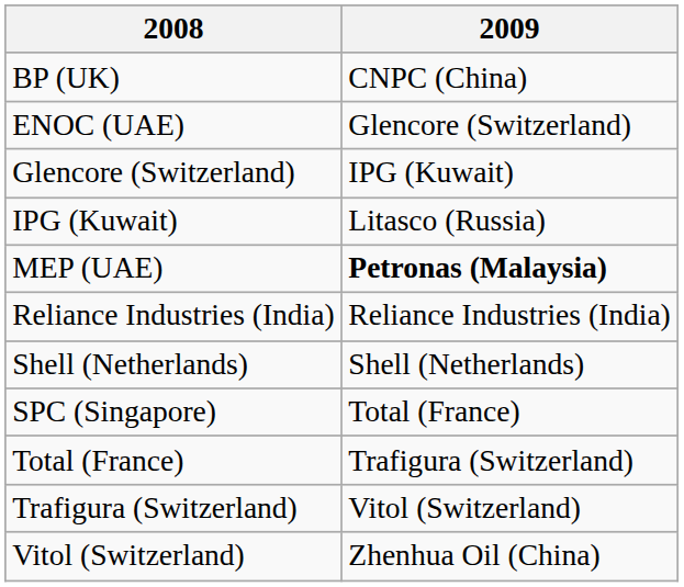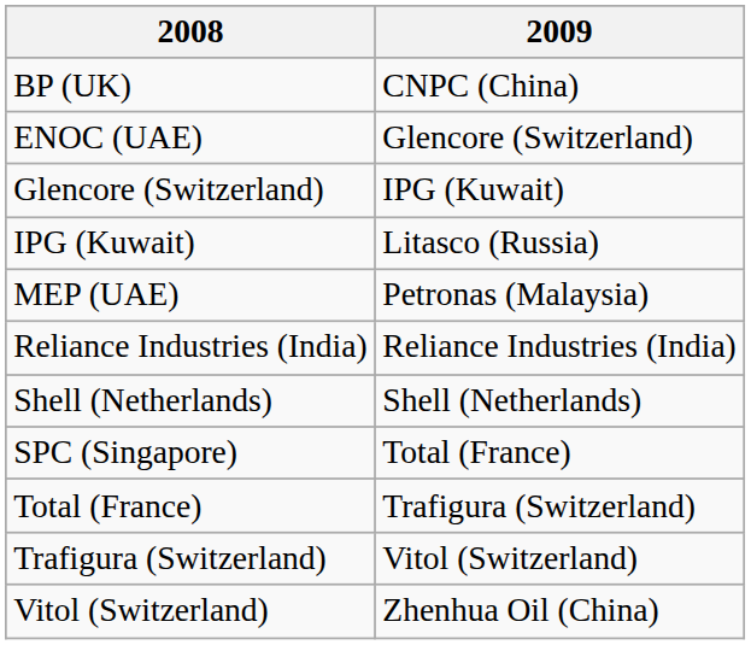 <table class="wikitable sortable">
 <tr>
 <th>2008</th>
 <th>2009</th>
 </tr>
 <tr>
 <td>BP (UK)</td>
 <td>CNPC (China)</td>
 </tr>
 <tr>
 <td>ENOC (UAE)</td>
 <td>Glencore (Switzerland)</td>
 </tr>
 <tr>
 <td>Glencore (Switzerland)</td>
 <td>IPG (Kuwait)</td>
 </tr>
 <tr>
 <td>IPG (Kuwait)</td>
 <td>Litasco (Russia)</td>
 </tr>
 <tr>
 <td>MEP (UAE)</td>
-<td><strong>Petronas (Malaysia)</strong></td>
+<td>Petronas (Malaysia)</td>
 </tr>
 <tr>
 <td>Reliance Industries (India)</td>
 <td>Reliance Industries (India)</td>
 </tr>
 <tr>
 <td>Shell (Netherlands)</td>
 <td>Shell (Netherlands)</td>
 </tr>
 <tr>
 <td>SPC (Singapore)</td>
 <td>Total (France)</td>
 </tr>
 <tr>
 <td>Total (France)</td>
 <td>Trafigura (Switzerland)</td>
 </tr>
 <tr>
 <td>Trafigura (Switzerland)</td>
 <td>Vitol (Switzerland)</td>
 </tr>
 <tr>
 <td>Vitol (Switzerland)</td>
 <td>Zhenhua Oil (China)</td>
 </tr>
 </table>
